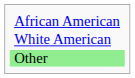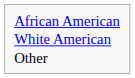 <table style="float; margin-left: 1em; margin-bottom: 0.5em" class="infobox">
 <tr>
 <td style="text-align: center"></td>
 </tr>
 <tr>
 <td style="padding: 0 5px;"> <a href='#'>African American</a></td>
 </tr>
 <tr>
 <td style="padding: 0 5px;"> <a href='#'>White American</a></td>
 </tr>
 <tr>
-<td style="background: lightgreen; padding: 0 5px;"> Other</td>
+<td style="padding: 0 5px;"> Other</td>
 </tr>
 <tr>
 </tr>
 </table>
